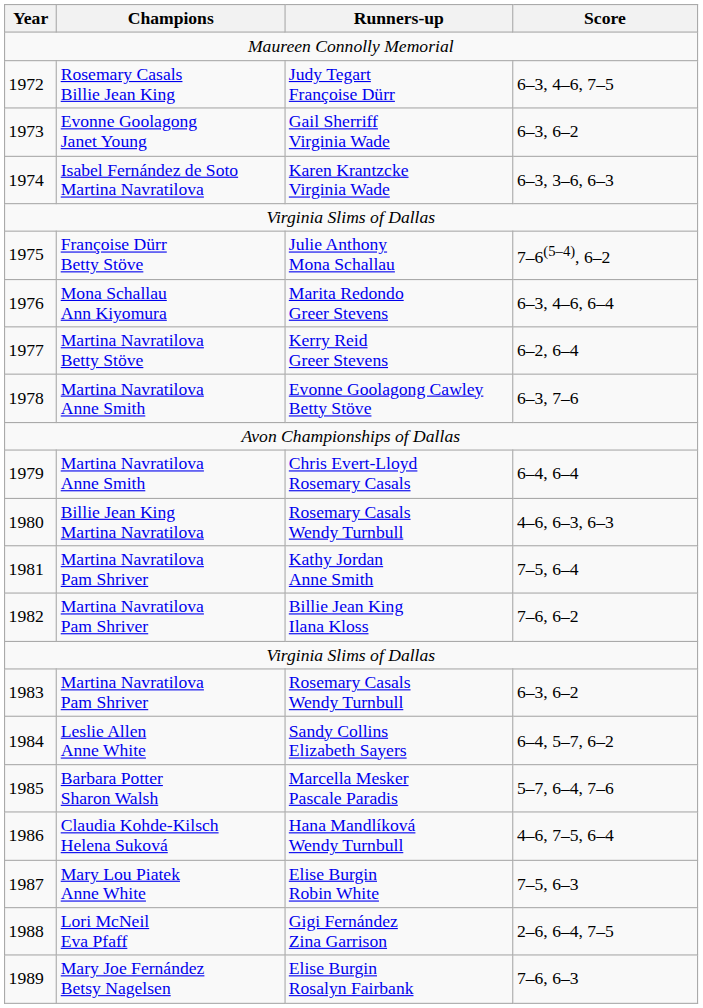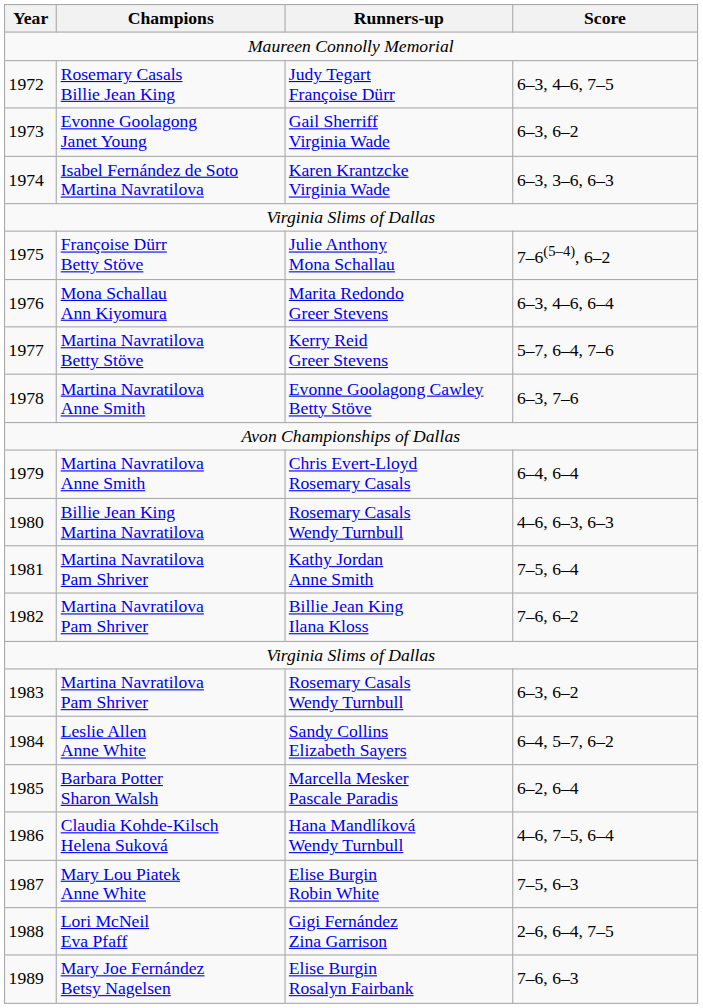 <table class=wikitable>
 <tr>
 <th style="width:40px">Year</th>
 <th style="width:200px">Champions</th>
 <th style="width:200px">Runners-up</th>
 <th style="width:160px" class="unsortable">Score</th>
 </tr>
 <tr>
 <td colspan="4" style="text-align:center;"><em>Maureen Connolly Memorial</em></td>
 </tr>
 <tr>
 <td>1972</td>
 <td> <a href='#'>Rosemary Casals</a> <br>  <a href='#'>Billie Jean King</a></td>
 <td> <a href='#'>Judy Tegart</a> <br>  <a href='#'>Françoise Dürr</a></td>
 <td>6–3, 4–6, 7–5</td>
 </tr>
 <tr>
 <td>1973</td>
 <td> <a href='#'>Evonne Goolagong</a> <br>  <a href='#'>Janet Young</a></td>
 <td> <a href='#'>Gail Sherriff</a> <br>  <a href='#'>Virginia Wade</a></td>
 <td>6–3, 6–2</td>
 </tr>
 <tr>
 <td>1974</td>
 <td> <a href='#'>Isabel Fernández de Soto</a> <br>  <a href='#'>Martina Navratilova</a></td>
 <td> <a href='#'>Karen Krantzcke</a> <br>  <a href='#'>Virginia Wade</a></td>
 <td>6–3, 3–6, 6–3</td>
 </tr>
 <tr>
 <td colspan="4" style="text-align:center;"><em>Virginia Slims of Dallas</em></td>
 </tr>
 <tr>
 <td>1975</td>
 <td> <a href='#'>Françoise Dürr</a> <br>  <a href='#'>Betty Stöve</a></td>
 <td> <a href='#'>Julie Anthony</a> <br>  <a href='#'>Mona Schallau</a></td>
 <td>7–6<sup>(5–4)</sup>, 6–2</td>
 </tr>
 <tr>
 <td>1976</td>
 <td> <a href='#'>Mona Schallau</a> <br>  <a href='#'>Ann Kiyomura</a></td>
 <td> <a href='#'>Marita Redondo</a> <br>  <a href='#'>Greer Stevens</a></td>
 <td>6–3, 4–6, 6–4</td>
 </tr>
 <tr>
 <td>1977</td>
 <td> <a href='#'>Martina Navratilova</a> <br>  <a href='#'>Betty Stöve</a></td>
 <td> <a href='#'>Kerry Reid</a> <br>  <a href='#'>Greer Stevens</a></td>
-<td>6–2, 6–4</td>
+<td>5–7, 6–4, 7–6</td>
 </tr>
 <tr>
 <td>1978</td>
 <td> <a href='#'>Martina Navratilova</a> <br>  <a href='#'>Anne Smith</a></td>
 <td> <a href='#'>Evonne Goolagong Cawley</a> <br>  <a href='#'>Betty Stöve</a></td>
 <td>6–3, 7–6</td>
 </tr>
 <tr>
 <td colspan="4" style="text-align:center;"><em>Avon Championships of Dallas</em></td>
 </tr>
 <tr>
 <td>1979</td>
 <td> <a href='#'>Martina Navratilova</a> <br>  <a href='#'>Anne Smith</a></td>
 <td> <a href='#'>Chris Evert-Lloyd</a> <br>  <a href='#'>Rosemary Casals</a></td>
 <td>6–4, 6–4</td>
 </tr>
 <tr>
 <td>1980</td>
 <td> <a href='#'>Billie Jean King</a> <br>  <a href='#'>Martina Navratilova</a></td>
 <td> <a href='#'>Rosemary Casals</a> <br>  <a href='#'>Wendy Turnbull</a></td>
 <td>4–6, 6–3, 6–3</td>
 </tr>
 <tr>
 <td>1981</td>
 <td> <a href='#'>Martina Navratilova</a> <br>  <a href='#'>Pam Shriver</a></td>
 <td> <a href='#'>Kathy Jordan</a> <br>  <a href='#'>Anne Smith</a></td>
 <td>7–5, 6–4</td>
 </tr>
 <tr>
 <td>1982</td>
 <td> <a href='#'>Martina Navratilova</a> <br>  <a href='#'>Pam Shriver</a></td>
 <td> <a href='#'>Billie Jean King</a> <br>  <a href='#'>Ilana Kloss</a></td>
 <td>7–6, 6–2</td>
 </tr>
 <tr>
 <td colspan="4" style="text-align:center;"><em>Virginia Slims of Dallas</em></td>
 </tr>
 <tr>
 <td>1983</td>
 <td> <a href='#'>Martina Navratilova</a> <br>  <a href='#'>Pam Shriver</a></td>
 <td> <a href='#'>Rosemary Casals</a> <br>  <a href='#'>Wendy Turnbull</a></td>
 <td>6–3, 6–2</td>
 </tr>
 <tr>
 <td>1984</td>
 <td> <a href='#'>Leslie Allen</a> <br>  <a href='#'>Anne White</a></td>
 <td> <a href='#'>Sandy Collins</a> <br>  <a href='#'>Elizabeth Sayers</a></td>
 <td>6–4, 5–7, 6–2</td>
 </tr>
 <tr>
 <td>1985</td>
 <td> <a href='#'>Barbara Potter</a> <br>  <a href='#'>Sharon Walsh</a></td>
 <td> <a href='#'>Marcella Mesker</a> <br>  <a href='#'>Pascale Paradis</a></td>
-<td>5–7, 6–4, 7–6</td>
+<td>6–2, 6–4</td>
 </tr>
 <tr>
 <td>1986</td>
 <td> <a href='#'>Claudia Kohde-Kilsch</a> <br>  <a href='#'>Helena Suková</a></td>
 <td> <a href='#'>Hana Mandlíková</a> <br>  <a href='#'>Wendy Turnbull</a></td>
 <td>4–6, 7–5, 6–4</td>
 </tr>
 <tr>
 <td>1987</td>
 <td> <a href='#'>Mary Lou Piatek</a> <br>  <a href='#'>Anne White</a></td>
 <td> <a href='#'>Elise Burgin</a> <br>  <a href='#'>Robin White</a></td>
 <td>7–5, 6–3</td>
 </tr>
 <tr>
 <td>1988</td>
 <td> <a href='#'>Lori McNeil</a> <br>  <a href='#'>Eva Pfaff</a></td>
 <td> <a href='#'>Gigi Fernández</a> <br>  <a href='#'>Zina Garrison</a></td>
 <td>2–6, 6–4, 7–5</td>
 </tr>
 <tr>
 <td>1989</td>
 <td> <a href='#'>Mary Joe Fernández</a> <br>  <a href='#'>Betsy Nagelsen</a></td>
 <td> <a href='#'>Elise Burgin</a> <br>  <a href='#'>Rosalyn Fairbank</a></td>
 <td>7–6, 6–3</td>
 </tr>
 </table>
